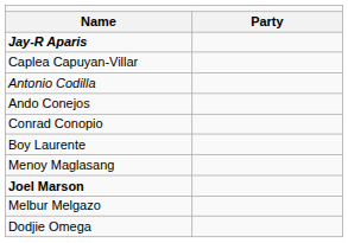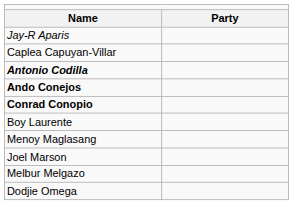 <table class=wikitable style="font-size:90%">
 <tr>
 <td colspan=4 bgcolor=></td>
 </tr>
 <tr>
 <th width=200px>Name</th>
 <th colspan=2 width=160px>Party</th>
 </tr>
 <tr>
-<td><strong><em>Jay-R Aparis</em></strong></td>
+<td><em>Jay-R Aparis</em></td>
 <td></td>
 </tr>
 <tr>
 <td>Caplea Capuyan-Villar</td>
 <td></td>
 </tr>
 <tr>
-<td><em>Antonio Codilla</em></td>
+<td><strong><em>Antonio Codilla</em></strong></td>
 <td></td>
 </tr>
 <tr>
-<td>Ando Conejos</td>
+<td><strong>Ando Conejos</strong></td>
 <td></td>
 </tr>
 <tr>
-<td>Conrad Conopio</td>
+<td><strong>Conrad Conopio</strong></td>
 <td></td>
 </tr>
 <tr>
 <td>Boy Laurente</td>
 <td></td>
 </tr>
 <tr>
 <td>Menoy Maglasang</td>
 <td></td>
 </tr>
 <tr>
-<td><strong>Joel Marson</strong></td>
+<td>Joel Marson</td>
 <td></td>
 </tr>
 <tr>
 <td>Melbur Melgazo</td>
 <td></td>
 </tr>
 <tr>
 <td>Dodjie Omega</td>
 <td></td>
 </tr>
 </table>
